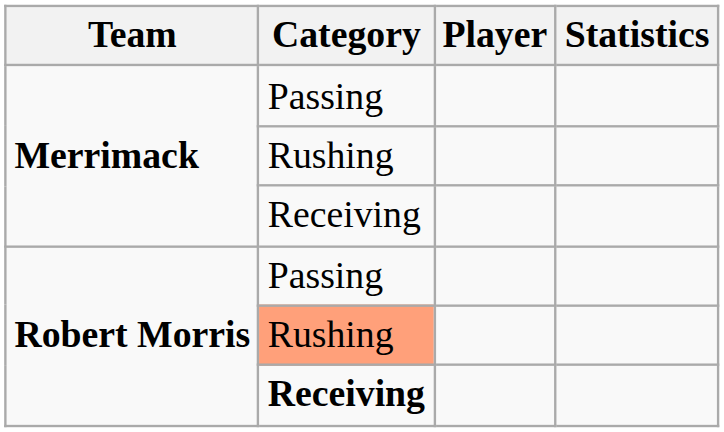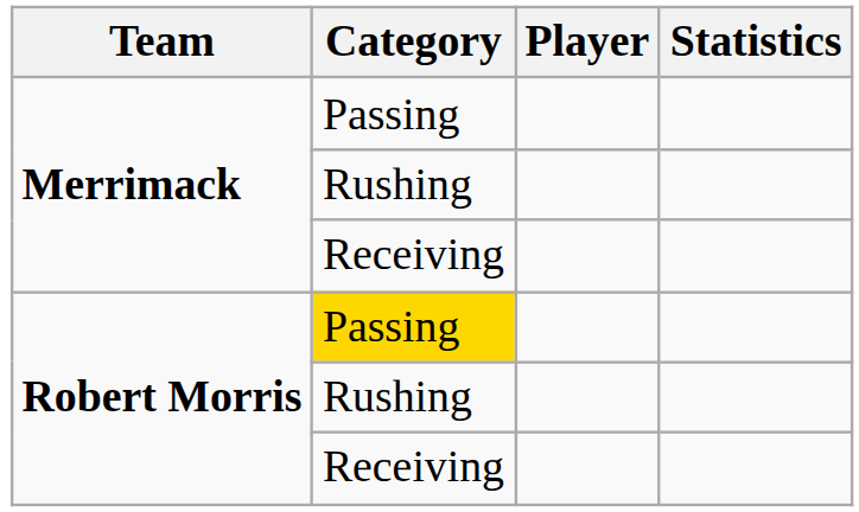 <table class="wikitable" style="float: right;">
 <tr>
 <th>Team</th>
 <th>Category</th>
 <th>Player</th>
 <th>Statistics</th>
 </tr>
 <tr>
 <td rowspan=3><strong>Merrimack</strong></td>
 <td>Passing</td>
 <td></td>
 <td></td>
 </tr>
 <tr>
 <td>Rushing</td>
 <td></td>
 <td></td>
 </tr>
 <tr>
 <td>Receiving</td>
 <td></td>
 <td></td>
 </tr>
 <tr>
 <td rowspan=3><strong>Robert Morris</strong></td>
-<td>Passing</td>
+<td style="background: gold;">Passing</td>
 <td></td>
 <td></td>
 </tr>
 <tr>
-<td style="background: lightsalmon;">Rushing</td>
+<td>Rushing</td>
 <td></td>
 <td></td>
 </tr>
 <tr>
-<td><strong>Receiving</strong></td>
+<td>Receiving</td>
 <td></td>
 <td></td>
 </tr>
 </table>
